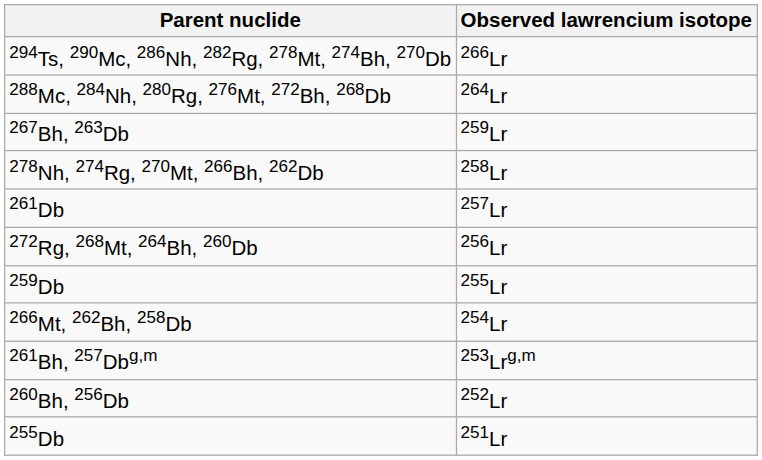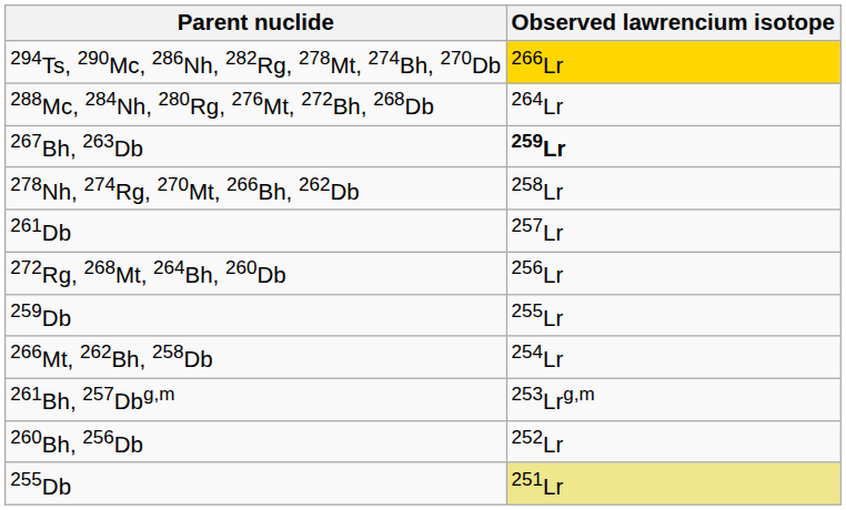 <table class="wikitable">
 <tr>
 <th>Parent nuclide</th>
 <th>Observed lawrencium isotope</th>
 </tr>
 <tr>
 <td><sup>294</sup>Ts, <sup>290</sup>Mc, <sup>286</sup>Nh, <sup>282</sup>Rg, <sup>278</sup>Mt, <sup>274</sup>Bh, <sup>270</sup>Db</td>
-<td><sup>266</sup>Lr</td>
+<td style="background: gold;"><sup>266</sup>Lr</td>
 </tr>
 <tr>
 <td><sup>288</sup>Mc, <sup>284</sup>Nh, <sup>280</sup>Rg, <sup>276</sup>Mt, <sup>272</sup>Bh, <sup>268</sup>Db</td>
 <td><sup>264</sup>Lr</td>
 </tr>
 <tr>
 <td><sup>267</sup>Bh, <sup>263</sup>Db</td>
-<td><sup>259</sup>Lr</td>
+<td><strong><sup>259</sup>Lr</strong></td>
 </tr>
 <tr>
 <td><sup>278</sup>Nh, <sup>274</sup>Rg, <sup>270</sup>Mt, <sup>266</sup>Bh, <sup>262</sup>Db</td>
 <td><sup>258</sup>Lr</td>
 </tr>
 <tr>
 <td><sup>261</sup>Db</td>
 <td><sup>257</sup>Lr</td>
 </tr>
 <tr>
 <td><sup>272</sup>Rg, <sup>268</sup>Mt, <sup>264</sup>Bh, <sup>260</sup>Db</td>
 <td><sup>256</sup>Lr</td>
 </tr>
 <tr>
 <td><sup>259</sup>Db</td>
 <td><sup>255</sup>Lr</td>
 </tr>
 <tr>
 <td><sup>266</sup>Mt, <sup>262</sup>Bh, <sup>258</sup>Db</td>
 <td><sup>254</sup>Lr</td>
 </tr>
 <tr>
 <td><sup>261</sup>Bh, <sup>257</sup>Db<sup>g,m</sup></td>
 <td><sup>253</sup>Lr<sup>g,m</sup></td>
 </tr>
 <tr>
 <td><sup>260</sup>Bh, <sup>256</sup>Db</td>
 <td><sup>252</sup>Lr</td>
 </tr>
 <tr>
 <td><sup>255</sup>Db</td>
-<td><sup>251</sup>Lr</td>
+<td style="background: khaki;"><sup>251</sup>Lr</td>
 </tr>
 </table>
